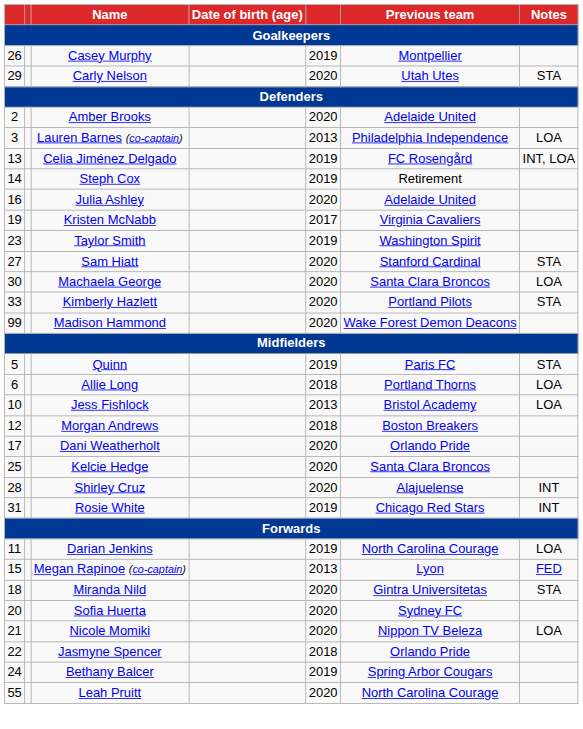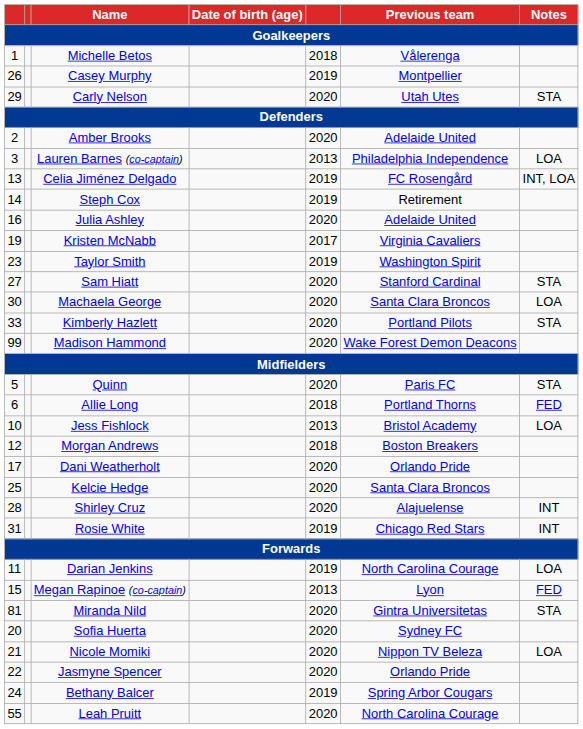 <table class="wikitable" style="text-align:center;">
 <tr>
 <th style="background:#DC2828; color:white;"></th>
 <th style="background:#DC2828; color:white;"></th>
 <th style="background:#DC2828; color:white;">Name</th>
 <th style="background:#DC2828; color:white;">Date of birth (age)</th>
 <th style="background:#DC2828; color:white;"></th>
 <th style="background:#DC2828; color:white;">Previous team</th>
 <th style="background:#DC2828; color:white;">Notes</th>
 </tr>
 <tr>
 <th colspan="7" style="background:#003893; color:white; ">Goalkeepers</th>
+</tr>
+<tr>
+<td>1</td>
+<td></td>
+<td><a href='#'>Michelle Betos</a></td>
+<td></td>
+<td>2018</td>
+<td> <a href='#'>Vålerenga</a></td>
+<td></td>
 </tr>
 <tr>
 <td>26</td>
 <td></td>
 <td><a href='#'>Casey Murphy</a></td>
 <td></td>
 <td>2019</td>
 <td> <a href='#'>Montpellier</a></td>
 <td></td>
 </tr>
 <tr>
 <td>29</td>
 <td></td>
 <td><a href='#'>Carly Nelson</a></td>
 <td></td>
 <td>2020</td>
 <td> <a href='#'>Utah Utes</a></td>
 <td>STA</td>
 </tr>
 <tr>
 <th colspan="7" style="background:#003893; color:white; ">Defenders</th>
 </tr>
 <tr>
 <td>2</td>
 <td></td>
 <td><a href='#'>Amber Brooks</a></td>
 <td></td>
 <td>2020</td>
 <td> <a href='#'>Adelaide United</a></td>
 <td></td>
 </tr>
 <tr>
 <td>3</td>
 <td></td>
 <td><a href='#'>Lauren Barnes</a> <em><small>(<a href='#'>co-captain</a>)</small></em></td>
 <td></td>
 <td>2013</td>
 <td> <a href='#'>Philadelphia Independence</a></td>
 <td>LOA</td>
 </tr>
 <tr>
 <td>13</td>
 <td></td>
 <td><a href='#'>Celia Jiménez Delgado</a></td>
 <td></td>
 <td>2019</td>
 <td> <a href='#'>FC Rosengård</a></td>
 <td>INT, LOA</td>
 </tr>
 <tr>
 <td>14</td>
 <td></td>
 <td><a href='#'>Steph Cox</a></td>
 <td></td>
 <td>2019</td>
 <td>Retirement</td>
 <td></td>
 </tr>
 <tr>
 <td>16</td>
 <td></td>
 <td><a href='#'>Julia Ashley</a></td>
 <td></td>
 <td>2020</td>
 <td> <a href='#'>Adelaide United</a></td>
 <td></td>
 </tr>
 <tr>
 <td>19</td>
 <td></td>
 <td><a href='#'>Kristen McNabb</a></td>
 <td></td>
 <td>2017</td>
 <td> <a href='#'>Virginia Cavaliers</a></td>
 <td></td>
 </tr>
 <tr>
 <td>23</td>
 <td></td>
 <td><a href='#'>Taylor Smith</a></td>
 <td></td>
 <td>2019</td>
 <td> <a href='#'>Washington Spirit</a></td>
 <td></td>
 </tr>
 <tr>
 <td>27</td>
 <td></td>
 <td><a href='#'>Sam Hiatt</a></td>
 <td></td>
 <td>2020</td>
 <td> <a href='#'>Stanford Cardinal</a></td>
 <td>STA</td>
 </tr>
 <tr>
 <td>30</td>
 <td></td>
 <td><a href='#'>Machaela George</a></td>
 <td></td>
 <td>2020</td>
 <td> <a href='#'>Santa Clara Broncos</a></td>
 <td>LOA</td>
 </tr>
 <tr>
 <td>33</td>
 <td></td>
 <td><a href='#'>Kimberly Hazlett</a></td>
 <td></td>
 <td>2020</td>
 <td> <a href='#'>Portland Pilots</a></td>
 <td>STA</td>
 </tr>
 <tr>
 <td>99</td>
 <td></td>
 <td><a href='#'>Madison Hammond</a></td>
 <td></td>
 <td>2020</td>
 <td> <a href='#'>Wake Forest Demon Deacons</a></td>
 <td></td>
 </tr>
 <tr>
 <th colspan="7" style="background:#003893; color:white; ">Midfielders</th>
 </tr>
 <tr>
 <td>5</td>
 <td></td>
 <td><a href='#'>Quinn</a></td>
 <td></td>
-<td>2019</td>
+<td>2020</td>
 <td> <a href='#'>Paris FC</a></td>
 <td>STA</td>
 </tr>
 <tr>
 <td>6</td>
 <td></td>
 <td><a href='#'>Allie Long</a></td>
 <td></td>
 <td>2018</td>
 <td> <a href='#'>Portland Thorns</a></td>
-<td>LOA</td>
+<td><a href='#'>FED</a></td>
 </tr>
 <tr>
 <td>10</td>
 <td></td>
 <td><a href='#'>Jess Fishlock</a></td>
 <td></td>
 <td>2013</td>
 <td> <a href='#'>Bristol Academy</a></td>
 <td>LOA</td>
 </tr>
 <tr>
 <td>12</td>
 <td></td>
 <td><a href='#'>Morgan Andrews</a></td>
 <td></td>
 <td>2018</td>
 <td> <a href='#'>Boston Breakers</a></td>
 <td></td>
 </tr>
 <tr>
 <td>17</td>
 <td></td>
 <td><a href='#'>Dani Weatherholt</a></td>
 <td></td>
 <td>2020</td>
 <td> <a href='#'>Orlando Pride</a></td>
 <td></td>
 </tr>
 <tr>
 <td>25</td>
 <td></td>
 <td><a href='#'>Kelcie Hedge</a></td>
 <td></td>
 <td>2020</td>
 <td> <a href='#'>Santa Clara Broncos</a></td>
 <td></td>
 </tr>
 <tr>
 <td>28</td>
 <td></td>
 <td><a href='#'>Shirley Cruz</a></td>
 <td></td>
 <td>2020</td>
 <td> <a href='#'>Alajuelense</a></td>
 <td>INT</td>
 </tr>
 <tr>
 <td>31</td>
 <td></td>
 <td><a href='#'>Rosie White</a></td>
 <td></td>
 <td>2019</td>
 <td> <a href='#'>Chicago Red Stars</a></td>
 <td>INT</td>
 </tr>
 <tr>
 <th colspan="7" style="background:#003893; color:white; ">Forwards</th>
 </tr>
 <tr>
 <td>11</td>
 <td></td>
 <td><a href='#'>Darian Jenkins</a></td>
 <td></td>
 <td>2019</td>
 <td> <a href='#'>North Carolina Courage</a></td>
 <td>LOA</td>
 </tr>
 <tr>
 <td>15</td>
 <td></td>
 <td><a href='#'>Megan Rapinoe</a> <em><small>(<a href='#'>co-captain</a>)</small></em></td>
 <td></td>
 <td>2013</td>
 <td> <a href='#'>Lyon</a></td>
 <td><a href='#'>FED</a></td>
 </tr>
 <tr>
-<td>18</td>
+<td>81</td>
 <td></td>
 <td><a href='#'>Miranda Nild</a></td>
 <td></td>
 <td>2020</td>
 <td> <a href='#'>Gintra Universitetas</a></td>
 <td>STA</td>
 </tr>
 <tr>
 <td>20</td>
 <td></td>
 <td><a href='#'>Sofia Huerta</a></td>
 <td></td>
 <td>2020</td>
 <td> <a href='#'>Sydney FC</a></td>
 <td></td>
 </tr>
 <tr>
 <td>21</td>
 <td></td>
 <td><a href='#'>Nicole Momiki</a></td>
 <td></td>
 <td>2020</td>
 <td> <a href='#'>Nippon TV Beleza</a></td>
 <td>LOA</td>
 </tr>
 <tr>
 <td>22</td>
 <td></td>
 <td><a href='#'>Jasmyne Spencer</a></td>
 <td></td>
-<td>2018</td>
+<td>2020</td>
 <td> <a href='#'>Orlando Pride</a></td>
 <td></td>
 </tr>
 <tr>
 <td>24</td>
 <td></td>
 <td><a href='#'>Bethany Balcer</a></td>
 <td></td>
 <td>2019</td>
 <td> <a href='#'>Spring Arbor Cougars</a></td>
 <td></td>
 </tr>
 <tr>
 <td>55</td>
 <td></td>
 <td><a href='#'>Leah Pruitt</a></td>
 <td></td>
 <td>2020</td>
 <td> <a href='#'>North Carolina Courage</a></td>
 <td></td>
 </tr>
 </table>
